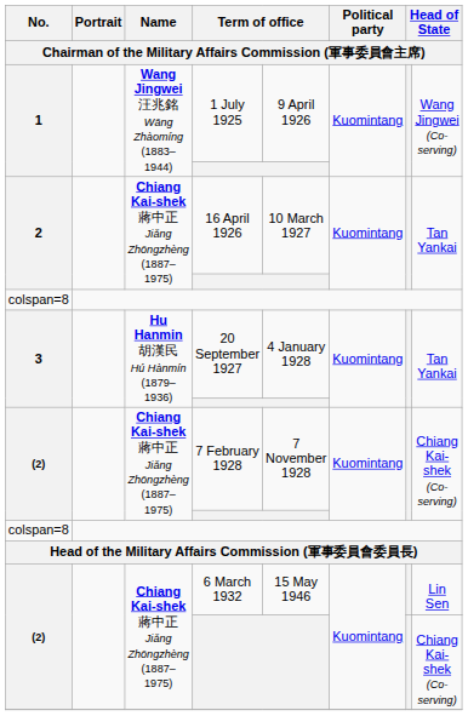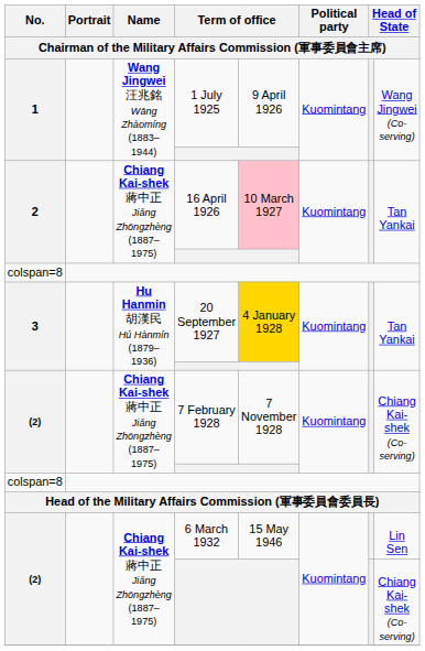 <table class="wikitable"  style="text-align:center"  width="83%">
 <tr>
 <th>No.</th>
 <th>Portrait</th>
 <th width=22%>Name<br></th>
 <th colspan=2>Term of office</th>
 <th>Political party</th>
 <th colspan=2><a href='#'>Head of State</a></th>
 </tr>
 <tr>
 <th colspan=8>Chairman of the Military Affairs Commission (軍事委員會主席)</th>
 </tr>
 <tr ->
 <th rowspan=2 style="background:">1</th>
 <td rowspan=2></td>
 <td rowspan=2 align=center><strong><a href='#'>Wang Jingwei</a></strong><br><span>汪兆銘</span><br><small><em>Wāng Zhàomíng</em><br>(1883–1944)</small></td>
 <td>1 July 1925</td>
 <td>9 April 1926</td>
 <td rowspan=2><a href='#'>Kuomintang</a></td>
 <th rowspan=2 style="background:"></th>
 <td rowspan=2><br><a href='#'>Wang Jingwei</a><br><small><em>(Co-serving)</em></small></td>
 </tr>
 <tr>
 <th colspan=2 style="font-size:90%; font-weight:normal"></th>
 </tr>
 <tr>
 <th rowspan=2 style="background:">2</th>
 <td rowspan=2></td>
 <td rowspan=2 align=center><strong><a href='#'>Chiang Kai-shek</a></strong><br><span>蔣中正</span><br><small><em>Jiǎng Zhōngzhèng</em><br>(1887–1975)</small></td>
 <td>16 April 1926</td>
-<td>10 March 1927</td>
+<td style="background: pink;">10 March 1927</td>
 <td rowspan=2><a href='#'>Kuomintang</a></td>
 <th rowspan=2 style="background:"></th>
 <td rowspan=2><br><a href='#'>Tan Yankai</a><br></td>
 </tr>
 <tr>
 <th colspan=2 style="font-size:90%; font-weight:normal"></th>
 </tr>
 <tr>
 <td>colspan=8 </td>
 </tr>
 <tr>
 <th rowspan=2 style="background:">3</th>
 <td rowspan=2></td>
 <td rowspan=2 align=center><strong><a href='#'>Hu Hanmin</a></strong><br><span>胡漢民</span><br><small><em>Hú Hànmín</em><br>(1879–1936)</small></td>
 <td>20 September 1927</td>
-<td>4 January 1928</td>
+<td style="background: gold;">4 January 1928</td>
 <td rowspan=2><a href='#'>Kuomintang</a></td>
 <th rowspan=3 style="background:"></th>
 <td rowspan=3><br><a href='#'>Tan Yankai</a><br></td>
 </tr>
 <tr>
 <th colspan=2 style="font-size:90%; font-weight:normal"></th>
 </tr>
 <tr>
 <th rowspan=3 style="background:"><small>(2)</small></th>
 <td rowspan=3></td>
 <td rowspan=3 align=center><strong><a href='#'>Chiang Kai-shek</a></strong><br><span>蔣中正</span><br><small><em>Jiǎng Zhōngzhèng</em><br>(1887–1975)</small></td>
 <td rowspan=2>7 February 1928</td>
 <td rowspan=2>7 November 1928</td>
 <td rowspan=3><a href='#'>Kuomintang</a></td>
 </tr>
 <tr>
 <th rowspan=2 style="background:"></th>
 <td rowspan=2><br><a href='#'>Chiang Kai-shek</a><br><small><em>(Co-serving)</em></small></td>
 </tr>
 <tr>
 <th colspan=2 style="font-size:90%; font-weight:normal"></th>
 </tr>
 <tr>
 <td>colspan=8 </td>
 </tr>
 <tr>
 <th colspan=8>Head of the Military Affairs Commission (軍事委員會委員長)</th>
 </tr>
 <tr ->
 <th rowspan=3 style="background:"><small>(2)</small></th>
 <td rowspan=3></td>
 <td rowspan=3 align=center><strong><a href='#'>Chiang Kai-shek</a></strong><br><span>蔣中正</span><br><small><em>Jiǎng Zhōngzhèng</em><br>(1887–1975)</small></td>
 <td rowspan=2>6 March 1932</td>
 <td rowspan=2>15 May 1946</td>
 <td rowspan=3><a href='#'>Kuomintang</a></td>
 <th style="background:"></th>
 <td><br><a href='#'>Lin Sen</a><br></td>
 </tr>
 <tr>
 <th rowspan=2 style="background:"></th>
 <td rowspan=2><br><a href='#'>Chiang Kai-shek</a><br><small><em>(Co-serving)</em></small></td>
 </tr>
 <tr>
 <th colspan=2 style="font-size:90%; font-weight:normal"></th>
 </tr>
 <tr>
 </tr>
 </table>
